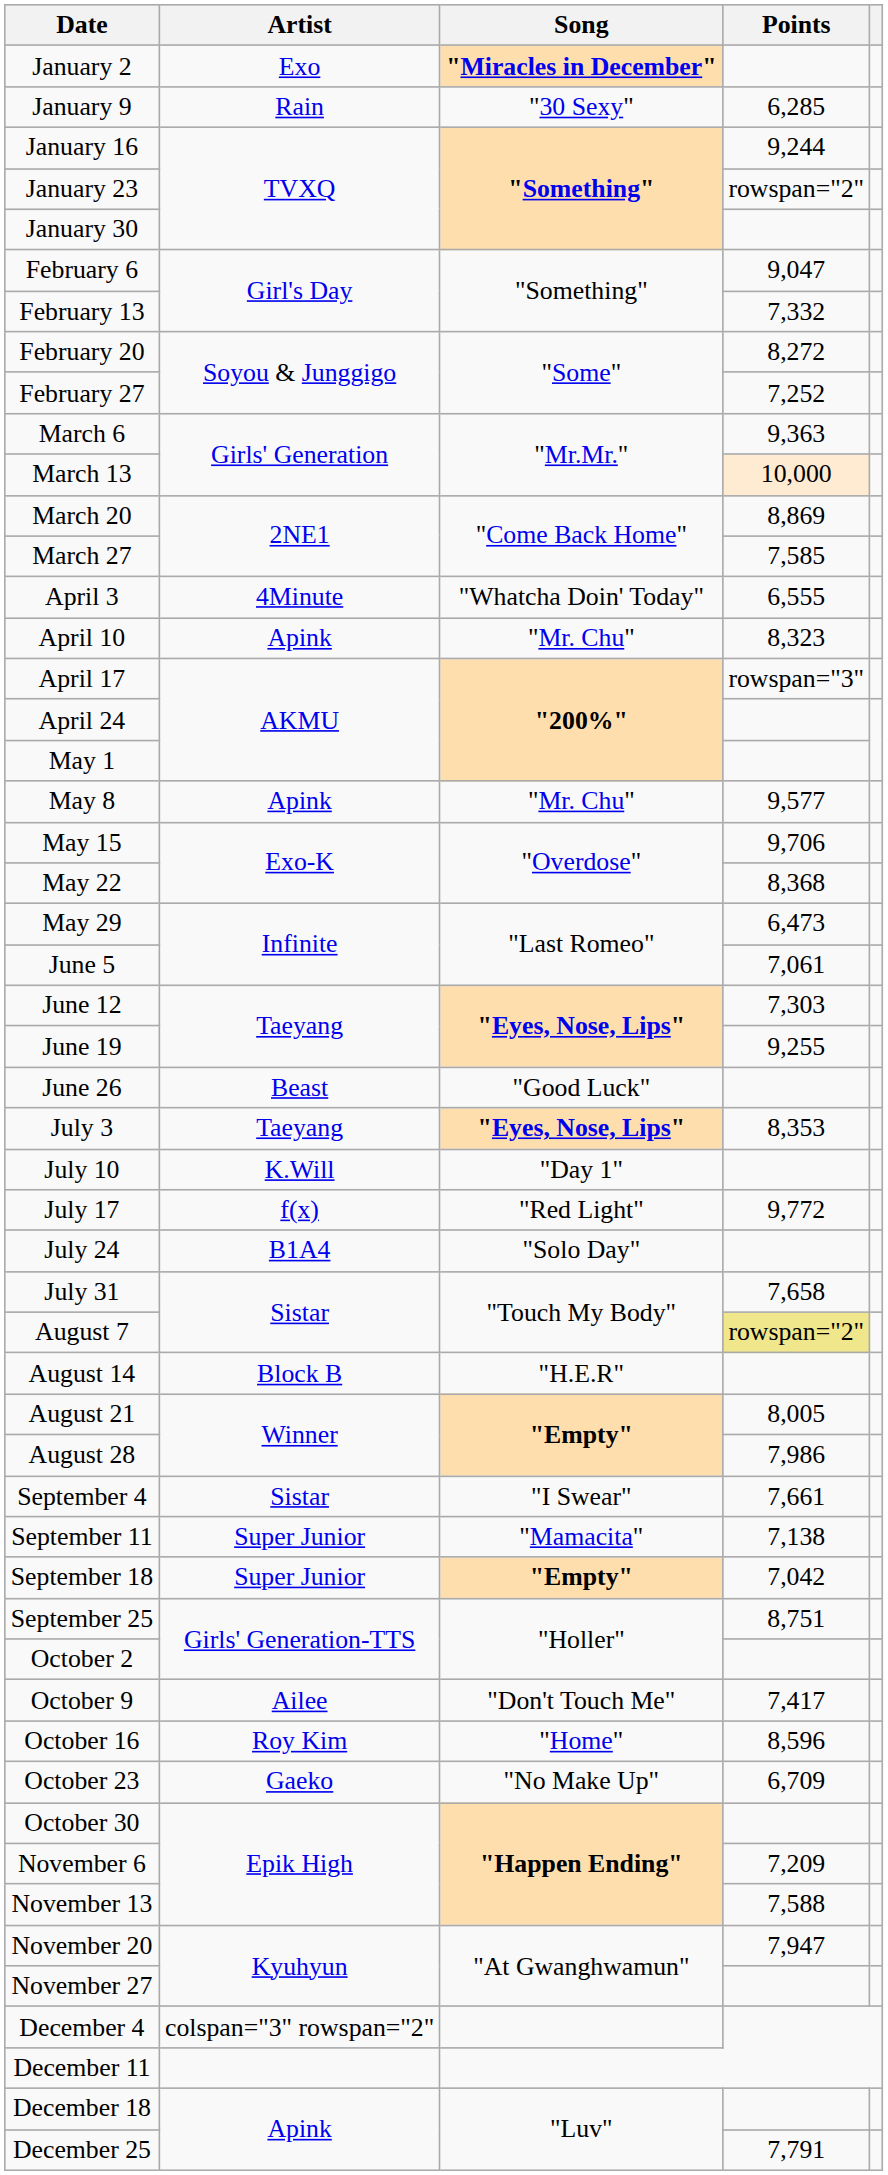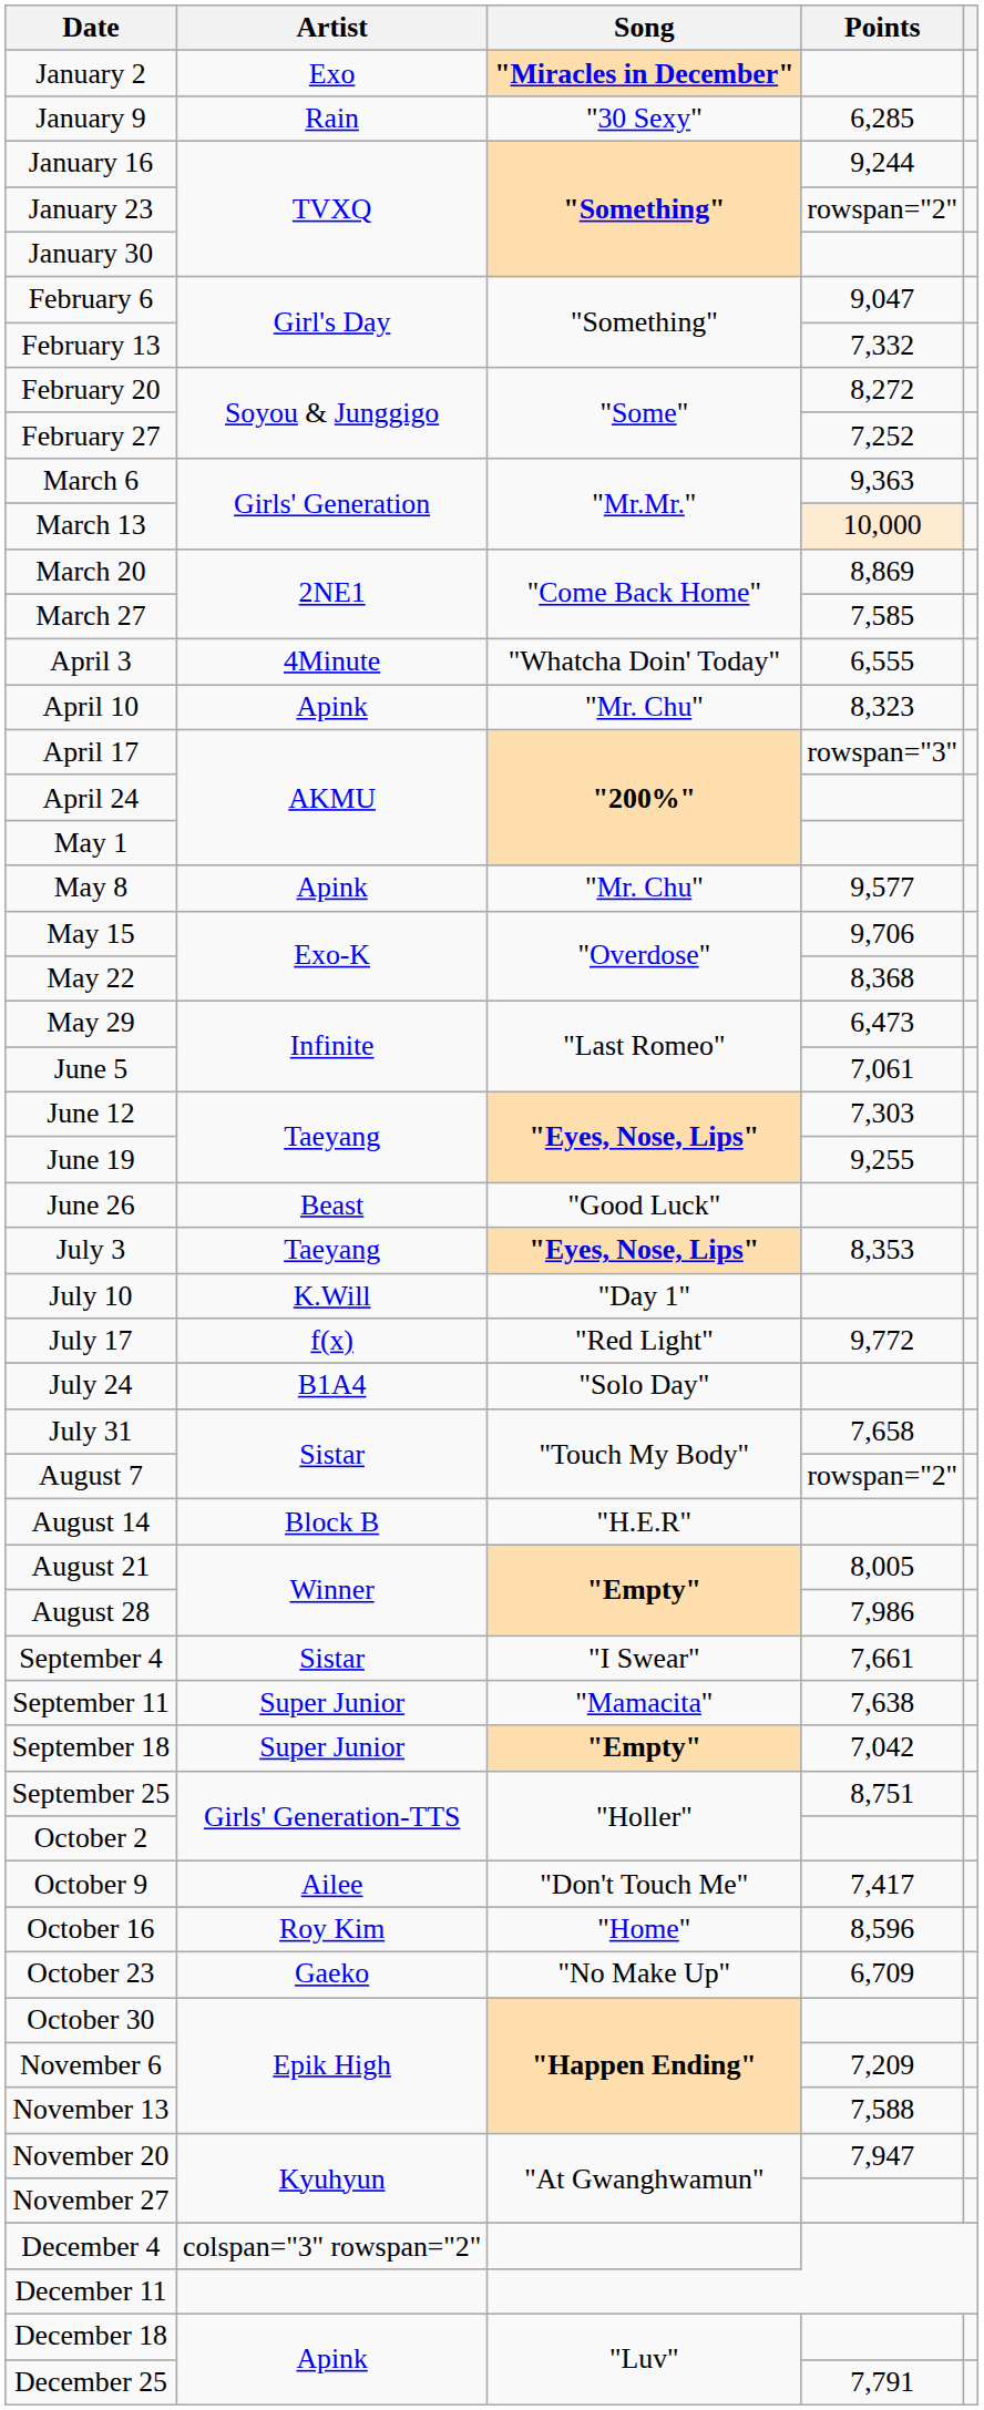 <table class="wikitable sortable" style="text-align:center">
 <tr>
 <th>Date</th>
 <th>Artist</th>
 <th>Song</th>
 <th>Points</th>
 <th class="unsortable"></th>
 </tr>
 <tr>
 <td>January 2</td>
 <td><a href='#'>Exo</a></td>
 <td style="font-weight: bold; background: navajowhite;">"<a href='#'>Miracles in December</a>"</td>
 <td></td>
 <td></td>
 </tr>
 <tr>
 <td>January 9</td>
 <td><a href='#'>Rain</a></td>
 <td>"<a href='#'>30 Sexy</a>"</td>
 <td>6,285</td>
 <td></td>
 </tr>
 <tr>
 <td>January 16</td>
 <td rowspan="3"><a href='#'>TVXQ</a></td>
 <td rowspan="3" style="font-weight: bold; background: navajowhite;">"<a href='#'>Something</a>"</td>
 <td>9,244</td>
 <td></td>
 </tr>
 <tr>
 <td>January 23</td>
 <td>rowspan="2" </td>
 <td></td>
 </tr>
 <tr>
 <td>January 30</td>
 <td></td>
 </tr>
 <tr>
 <td>February 6</td>
 <td rowspan="2"><a href='#'>Girl's Day</a></td>
 <td rowspan="2">"Something"</td>
 <td>9,047</td>
 <td></td>
 </tr>
 <tr>
 <td>February 13</td>
 <td>7,332</td>
 <td></td>
 </tr>
 <tr>
 <td>February 20</td>
 <td rowspan="2"><a href='#'>Soyou</a> & <a href='#'>Junggigo</a></td>
 <td rowspan="2">"<a href='#'>Some</a>"</td>
 <td>8,272</td>
 <td></td>
 </tr>
 <tr>
 <td>February 27</td>
 <td>7,252</td>
 <td></td>
 </tr>
 <tr>
 <td>March 6</td>
 <td rowspan="2"><a href='#'>Girls' Generation</a></td>
 <td rowspan="2">"<a href='#'>Mr.Mr.</a>"</td>
 <td>9,363</td>
 <td></td>
 </tr>
 <tr>
 <td>March 13</td>
 <td style="background:#ffebd2;">10,000</td>
 <td></td>
 </tr>
 <tr>
 <td>March 20</td>
 <td rowspan="2"><a href='#'>2NE1</a></td>
 <td rowspan="2">"<a href='#'>Come Back Home</a>"</td>
 <td>8,869</td>
 <td></td>
 </tr>
 <tr>
 <td>March 27</td>
 <td>7,585</td>
 <td></td>
 </tr>
 <tr>
 <td>April 3</td>
 <td><a href='#'>4Minute</a></td>
 <td>"Whatcha Doin' Today"</td>
 <td>6,555</td>
 <td></td>
 </tr>
 <tr>
 <td>April 10</td>
 <td><a href='#'>Apink</a></td>
 <td>"<a href='#'>Mr. Chu</a>"</td>
 <td>8,323</td>
 <td></td>
 </tr>
 <tr>
 <td>April 17</td>
 <td rowspan="3"><a href='#'>AKMU</a></td>
 <td rowspan="3" style="font-weight: bold; background: navajowhite;">"200%"</td>
 <td>rowspan="3" </td>
 <td></td>
 </tr>
 <tr>
 <td>April 24</td>
 <td></td>
 </tr>
 <tr>
 <td>May 1</td>
 <td></td>
 </tr>
 <tr>
 <td>May 8</td>
 <td><a href='#'>Apink</a></td>
 <td>"<a href='#'>Mr. Chu</a>"</td>
 <td>9,577</td>
 <td></td>
 </tr>
 <tr>
 <td>May 15</td>
 <td rowspan="2"><a href='#'>Exo-K</a></td>
 <td rowspan="2">"<a href='#'>Overdose</a>"</td>
 <td>9,706</td>
 <td></td>
 </tr>
 <tr>
 <td>May 22</td>
 <td>8,368</td>
 <td></td>
 </tr>
 <tr>
 <td>May 29</td>
 <td rowspan="2"><a href='#'>Infinite</a></td>
 <td rowspan="2">"Last Romeo"</td>
 <td>6,473</td>
 <td></td>
 </tr>
 <tr>
 <td>June 5</td>
 <td>7,061</td>
 <td></td>
 </tr>
 <tr>
 <td>June 12</td>
 <td rowspan="2"><a href='#'>Taeyang</a></td>
 <td rowspan="2" style="font-weight: bold; background: navajowhite;">"<a href='#'>Eyes, Nose, Lips</a>"</td>
 <td>7,303</td>
 <td></td>
 </tr>
 <tr>
 <td>June 19</td>
 <td>9,255</td>
 <td></td>
 </tr>
 <tr>
 <td>June 26</td>
 <td><a href='#'>Beast</a></td>
 <td>"Good Luck"</td>
 <td></td>
 <td></td>
 </tr>
 <tr>
 <td>July 3</td>
 <td><a href='#'>Taeyang</a></td>
 <td rowspan="1" style="font-weight: bold; background: navajowhite;">"<a href='#'>Eyes, Nose, Lips</a>"</td>
 <td>8,353</td>
 <td></td>
 </tr>
 <tr>
 <td>July 10</td>
 <td><a href='#'>K.Will</a></td>
 <td>"Day 1"</td>
 <td></td>
 <td></td>
 </tr>
 <tr>
 <td>July 17</td>
 <td><a href='#'>f(x)</a></td>
 <td>"Red Light"</td>
 <td>9,772</td>
 <td></td>
 </tr>
 <tr>
 <td>July 24</td>
 <td><a href='#'>B1A4</a></td>
 <td>"Solo Day"</td>
 <td></td>
 <td></td>
 </tr>
 <tr>
 <td>July 31</td>
 <td rowspan="2"><a href='#'>Sistar</a></td>
 <td rowspan="2">"Touch My Body"</td>
 <td>7,658</td>
 <td></td>
 </tr>
 <tr>
 <td>August 7</td>
-<td style="background: khaki;">rowspan="2" </td>
+<td>rowspan="2" </td>
 <td></td>
 </tr>
 <tr>
 <td>August 14</td>
 <td><a href='#'>Block B</a></td>
 <td>"H.E.R"</td>
 <td></td>
 </tr>
 <tr>
 <td>August 21</td>
 <td rowspan="2"><a href='#'>Winner</a></td>
 <td rowspan="2" style="font-weight: bold; background: navajowhite;">"Empty"</td>
 <td>8,005</td>
 <td></td>
 </tr>
 <tr>
 <td>August 28</td>
 <td>7,986</td>
 <td></td>
 </tr>
 <tr>
 <td>September 4</td>
 <td><a href='#'>Sistar</a></td>
 <td>"I Swear"</td>
 <td>7,661</td>
 <td></td>
 </tr>
 <tr>
 <td>September 11</td>
 <td><a href='#'>Super Junior</a></td>
 <td>"<a href='#'>Mamacita</a>"</td>
-<td>7,138</td>
+<td>7,638</td>
 <td></td>
 </tr>
 <tr>
 <td>September 18</td>
 <td><a href='#'>Super Junior</a></td>
 <td rowspan="1" style="font-weight: bold; background: navajowhite;">"Empty"</td>
 <td>7,042</td>
 <td></td>
 </tr>
 <tr>
 <td>September 25</td>
 <td rowspan="2"><a href='#'>Girls' Generation-TTS</a></td>
 <td rowspan="2">"Holler"</td>
 <td>8,751</td>
 <td></td>
 </tr>
 <tr>
 <td>October 2</td>
 <td></td>
 <td></td>
 </tr>
 <tr>
 <td>October 9</td>
 <td><a href='#'>Ailee</a></td>
 <td>"Don't Touch Me"</td>
 <td>7,417</td>
 <td></td>
 </tr>
 <tr>
 <td>October 16</td>
 <td><a href='#'>Roy Kim</a></td>
 <td>"<a href='#'>Home</a>"</td>
 <td>8,596</td>
 <td></td>
 </tr>
 <tr>
 <td>October 23</td>
 <td><a href='#'>Gaeko</a></td>
 <td>"No Make Up"</td>
 <td>6,709</td>
 <td></td>
 </tr>
 <tr>
 <td>October 30</td>
 <td rowspan="3"><a href='#'>Epik High</a></td>
 <td rowspan="3" style="font-weight: bold; background: navajowhite;">"Happen Ending"</td>
 <td></td>
 <td></td>
 </tr>
 <tr>
 <td>November 6</td>
 <td>7,209</td>
 <td></td>
 </tr>
 <tr>
 <td>November 13</td>
 <td>7,588</td>
 <td></td>
 </tr>
 <tr>
 <td>November 20</td>
 <td rowspan="2"><a href='#'>Kyuhyun</a></td>
 <td rowspan="2">"At Gwanghwamun"</td>
 <td>7,947</td>
 <td></td>
 </tr>
 <tr>
 <td>November 27</td>
 <td></td>
 <td></td>
 </tr>
 <tr>
 <td>December 4</td>
 <td>colspan="3" rowspan="2" </td>
 <td></td>
 </tr>
 <tr>
 <td>December 11</td>
 <td></td>
 </tr>
 <tr>
 <td>December 18</td>
 <td rowspan="2"><a href='#'>Apink</a></td>
 <td rowspan="2">"Luv"</td>
 <td></td>
 <td></td>
 </tr>
 <tr>
 <td>December 25</td>
 <td>7,791</td>
 <td></td>
 </tr>
 </table>
